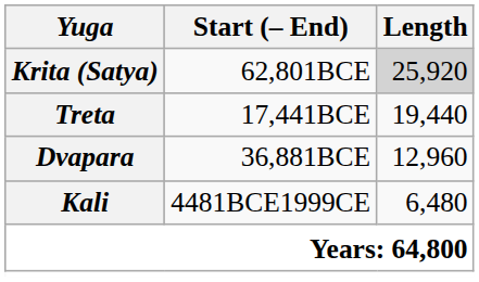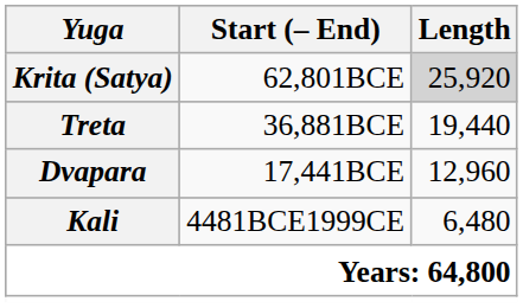 <table class="wikitable plainrowheaders" style="border-width:0; text-align:right;">
 <tr>
 <th scope="col"><em>Yuga</em></th>
 <th scope="col">Start (– End)</th>
 <th scope="col">Length</th>
 </tr>
 <tr>
 <th scope="row"><em>Krita (Satya)</em></th>
 <td>62,801BCE</td>
 <td style="background: lightgrey;">25,920</td>
 </tr>
 <tr>
 <th scope="row"><em>Treta</em></th>
-<td>17,441BCE</td>
+<td>36,881BCE</td>
 <td>19,440</td>
 </tr>
 <tr>
 <th scope="row"><em>Dvapara</em></th>
-<td>36,881BCE</td>
+<td>17,441BCE</td>
 <td>12,960</td>
 </tr>
 <tr>
 <th scope="row"><em>Kali</em></th>
 <td>4481BCE1999CE</td>
 <td>6,480</td>
 </tr>
 <tr>
 <td colspan="3" style="background-color:#ffffff; font-weight:bold; padding-top:5px;">Years: 64,800</td>
 </tr>
 <tr>
 <td colspan="2" style="background-color:#ffffff; border-width:1px 0px 0px 0px; font-size:80%; padding-top:0; text-align:left;"></td>
 <td style="background-color:#ffffff; border-width:1px 0px 0px 0px; padding-top:0;"></td>
 </tr>
 </table>
